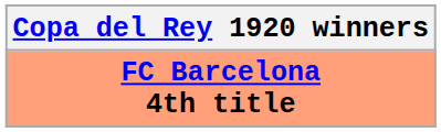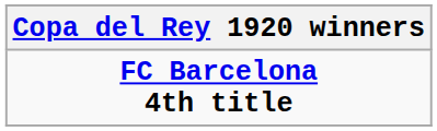 <table class="wikitable" style="text-align: center; margin: 0 auto;">
 <tr>
 <th><a href='#'>Copa del Rey</a> 1920 winners</th>
 </tr>
 <tr>
-<td style="background: lightsalmon;"><strong><a href='#'>FC Barcelona</a></strong><br><strong>4th title</strong></td>
+<td><strong><a href='#'>FC Barcelona</a></strong><br><strong>4th title</strong></td>
 </tr>
 </table>
